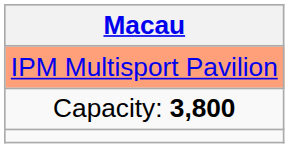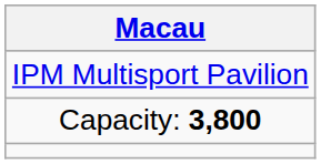 <table class="wikitable" style="text-align:center;">
 <tr>
 <th><a href='#'>Macau</a></th>
 </tr>
 <tr>
-<td style="background: lightsalmon;"><a href='#'>IPM Multisport Pavilion</a></td>
+<td><a href='#'>IPM Multisport Pavilion</a></td>
 </tr>
 <tr>
 <td>Capacity: <strong>3,800</strong></td>
 </tr>
 <tr>
 <td></td>
 </tr>
 </table>
